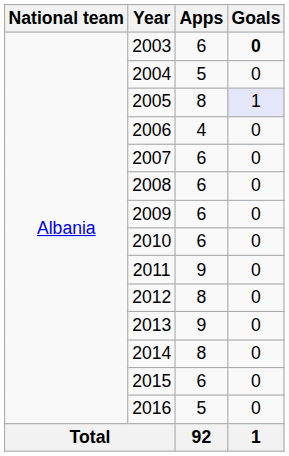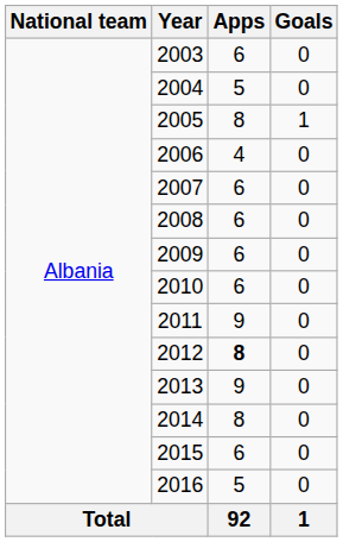 <table class="wikitable" style="text-align:center">
 <tr>
 <th>National team</th>
 <th>Year</th>
 <th>Apps</th>
 <th>Goals</th>
 </tr>
 <tr>
 <td rowspan="14"><a href='#'>Albania</a></td>
 <td>2003</td>
 <td>6</td>
-<td><strong>0</strong></td>
+<td>0</td>
 </tr>
 <tr>
 <td>2004</td>
 <td>5</td>
 <td>0</td>
 </tr>
 <tr>
 <td>2005</td>
 <td>8</td>
-<td style="background: lavender;">1</td>
+<td>1</td>
 </tr>
 <tr>
 <td>2006</td>
 <td>4</td>
 <td>0</td>
 </tr>
 <tr>
 <td>2007</td>
 <td>6</td>
 <td>0</td>
 </tr>
 <tr>
 <td>2008</td>
 <td>6</td>
 <td>0</td>
 </tr>
 <tr>
 <td>2009</td>
 <td>6</td>
 <td>0</td>
 </tr>
 <tr>
 <td>2010</td>
 <td>6</td>
 <td>0</td>
 </tr>
 <tr>
 <td>2011</td>
 <td>9</td>
 <td>0</td>
 </tr>
 <tr>
 <td>2012</td>
-<td>8</td>
+<td><strong>8</strong></td>
 <td>0</td>
 </tr>
 <tr>
 <td>2013</td>
 <td>9</td>
 <td>0</td>
 </tr>
 <tr>
 <td>2014</td>
 <td>8</td>
 <td>0</td>
 </tr>
 <tr>
 <td>2015</td>
 <td>6</td>
 <td>0</td>
 </tr>
 <tr>
 <td>2016</td>
 <td>5</td>
 <td>0</td>
 </tr>
 <tr>
 <th colspan="2">Total</th>
 <th>92</th>
 <th>1</th>
 </tr>
 </table>
